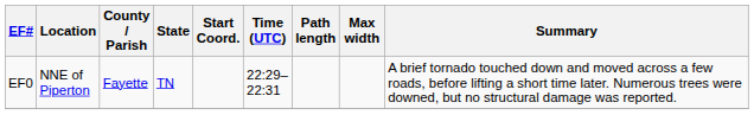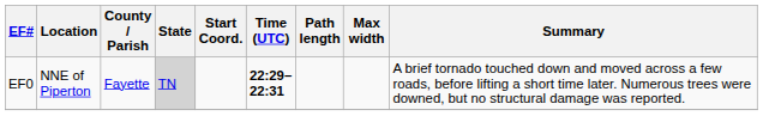 <table class="wikitable sortable" style="width:100%;">
 <tr>
 <th scope="col" style="width:3%; text-align:center;"><a href='#'>EF#</a></th>
 <th scope="col" style="width:7%; text-align:center;" class="unsortable">Location</th>
 <th scope="col" style="width:6%; text-align:center;" class="unsortable">County / Parish</th>
 <th scope="col" style="width:5%; text-align:center;">State</th>
 <th scope="col" style="width:6%; text-align:center;">Start Coord.</th>
 <th scope="col" style="width:6%; text-align:center;">Time (<a href='#'>UTC</a>)</th>
 <th scope="col" style="width:6%; text-align:center;">Path length</th>
 <th scope="col" style="width:6%; text-align:center;">Max width</th>
 <th scope="col" class="unsortable" style="width:48%; text-align:center;">Summary</th>
 </tr>
 <tr>
 <td>EF0</td>
 <td>NNE of <a href='#'>Piperton</a></td>
 <td><a href='#'>Fayette</a></td>
-<td><a href='#'>TN</a></td>
+<td style="background: lightgrey;"><a href='#'>TN</a></td>
 <td></td>
-<td>22:29–22:31</td>
+<td><strong>22:29–22:31</strong></td>
 <td></td>
 <td></td>
 <td>A brief tornado touched down and moved across a few roads, before lifting a short time later. Numerous trees were downed, but no structural damage was reported.</td>
 </tr>
 <tr>
 </tr>
 </table>
